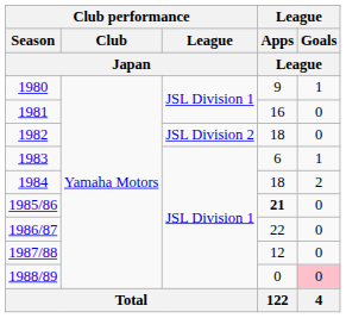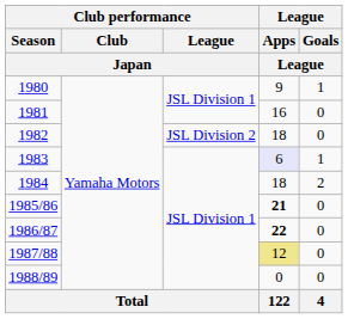 <table class="wikitable" style="text-align:center;">
 <tr>
 <th colspan=3>Club performance</th>
 <th colspan=2>League</th>
 </tr>
 <tr>
 <th>Season</th>
 <th>Club</th>
 <th>League</th>
 <th>Apps</th>
 <th>Goals</th>
 </tr>
 <tr>
 <th colspan=3>Japan</th>
 <th colspan=2>League</th>
 </tr>
 <tr>
 <td><a href='#'>1980</a></td>
 <td rowspan="9"><a href='#'>Yamaha Motors</a></td>
 <td rowspan="2"><a href='#'>JSL Division 1</a></td>
 <td>9</td>
 <td>1</td>
 </tr>
 <tr>
 <td><a href='#'>1981</a></td>
 <td>16</td>
 <td>0</td>
 </tr>
 <tr>
 <td><a href='#'>1982</a></td>
 <td><a href='#'>JSL Division 2</a></td>
 <td>18</td>
 <td>0</td>
 </tr>
 <tr>
 <td><a href='#'>1983</a></td>
 <td rowspan="6"><a href='#'>JSL Division 1</a></td>
-<td>6</td>
+<td style="background: lavender;">6</td>
 <td>1</td>
 </tr>
 <tr>
 <td><a href='#'>1984</a></td>
 <td>18</td>
 <td>2</td>
 </tr>
 <tr>
 <td><a href='#'>1985/86</a></td>
 <td><strong>21</strong></td>
 <td>0</td>
 </tr>
 <tr>
 <td><a href='#'>1986/87</a></td>
-<td>22</td>
+<td><strong>22</strong></td>
 <td>0</td>
 </tr>
 <tr>
 <td><a href='#'>1987/88</a></td>
-<td>12</td>
+<td style="background: khaki;">12</td>
 <td>0</td>
 </tr>
 <tr>
 <td><a href='#'>1988/89</a></td>
 <td>0</td>
-<td style="background: pink;">0</td>
+<td>0</td>
 </tr>
 <tr>
 <th colspan=3>Total</th>
 <th>122</th>
 <th>4</th>
 </tr>
 </table>
